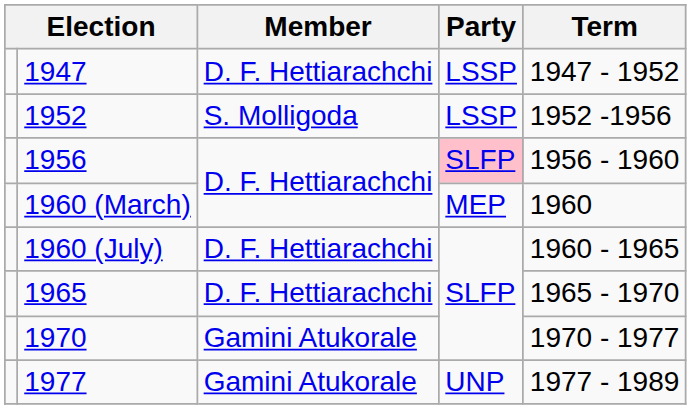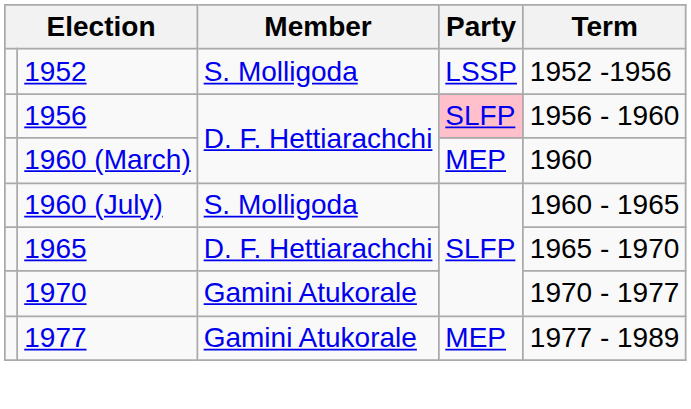 <table class="wikitable">
 <tr>
 <th colspan="2">Election</th>
 <th>Member</th>
 <th>Party</th>
 <th>Term</th>
-</tr>
-<tr>
-<td style="background-color: "></td>
-<td><a href='#'>1947</a></td>
-<td><a href='#'>D. F. Hettiarachchi</a></td>
-<td><a href='#'>LSSP</a></td>
-<td>1947 - 1952</td>
 </tr>
 <tr>
 <td style="background-color: "></td>
 <td><a href='#'>1952</a></td>
 <td><a href='#'>S. Molligoda</a></td>
 <td><a href='#'>LSSP</a></td>
 <td>1952 -1956</td>
 </tr>
 <tr>
 <td style="background-color: "></td>
 <td><a href='#'>1956</a></td>
 <td rowspan=2><a href='#'>D. F. Hettiarachchi</a></td>
 <td style="background: pink;"><a href='#'>SLFP</a></td>
 <td>1956 - 1960</td>
 </tr>
 <tr>
 <td style="background-color: "></td>
 <td><a href='#'>1960 (March)</a></td>
 <td><a href='#'>MEP</a></td>
 <td>1960</td>
 </tr>
 <tr>
 <td style="background-color: "></td>
 <td><a href='#'>1960 (July)</a></td>
-<td><a href='#'>D. F. Hettiarachchi</a></td>
+<td><a href='#'>S. Molligoda</a></td>
 <td rowspan=3><a href='#'>SLFP</a></td>
 <td>1960 - 1965</td>
 </tr>
 <tr>
 <td style="background-color: "></td>
 <td><a href='#'>1965</a></td>
 <td><a href='#'>D. F. Hettiarachchi</a></td>
 <td>1965 - 1970</td>
 </tr>
 <tr>
 <td style="background-color: "></td>
 <td><a href='#'>1970</a></td>
 <td><a href='#'>Gamini Atukorale</a></td>
 <td>1970 - 1977</td>
 </tr>
 <tr>
 <td style="background-color: "></td>
 <td><a href='#'>1977</a></td>
 <td><a href='#'>Gamini Atukorale</a></td>
-<td><a href='#'>UNP</a></td>
+<td><a href='#'>MEP</a></td>
 <td>1977 - 1989</td>
 </tr>
 </table>
